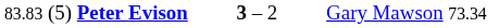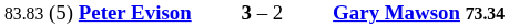 <table style="text-align:center">
 <tr>
 <th width=223></th>
 <th width=100></th>
 <th width=223></th>
 </tr>
 <tr>
 <td align=right><small>83.83</small> (5) <strong><a href='#'>Peter Evison</a></strong> </td>
 <td><strong>3</strong> – 2</td>
-<td align=left> <a href='#'>Gary Mawson</a> <small>73.34</small></td>
+<td align=left><strong> <a href='#'>Gary Mawson</a> <small>73.34</small></strong></td>
 </tr>
 </table>
